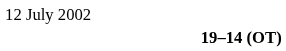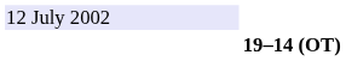 <table>
 <tr>
 <th width=35%></th>
 <th width=15%></th>
 <th width=35%></th>
 <th width=15%></th>
 </tr>
 <tr>
-<td>12 July 2002</td>
+<td style="background: lavender;">12 July 2002</td>
 </tr>
 <tr>
 <td align=right><strong></strong></td>
 <td align=center><strong>19–14 (OT)</strong></td>
 <td></td>
 <td></td>
 </tr>
 </table>
